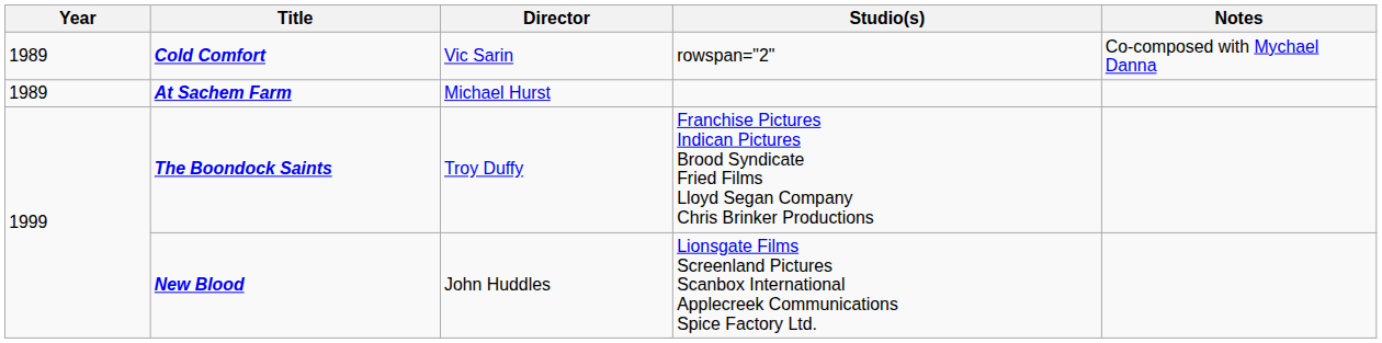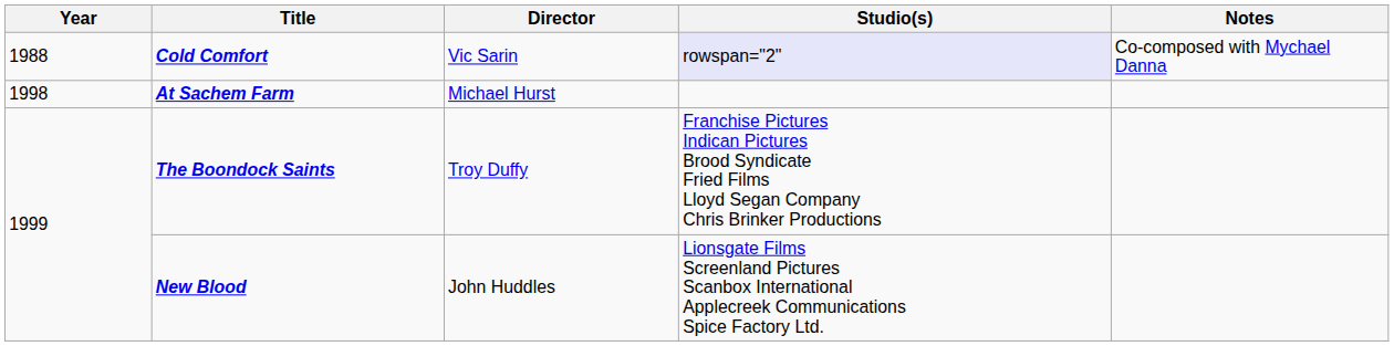 <table class="wikitable sortable" style="width:100%;">
 <tr>
 <th width="25px">Year</th>
 <th width="50px">Title</th>
 <th width="50px">Director</th>
 <th width="50px">Studio(s)</th>
 <th width="25px">Notes</th>
 </tr>
 <tr>
-<td>1989</td>
+<td>1988</td>
 <td><a href='#'><strong><em>Cold Comfort</em></strong></a></td>
 <td><a href='#'>Vic Sarin</a></td>
-<td>rowspan="2" </td>
+<td style="background: lavender;">rowspan="2" </td>
 <td>Co-composed with <a href='#'>Mychael Danna</a></td>
 </tr>
 <tr>
-<td>1989</td>
+<td>1998</td>
 <td><strong><em><a href='#'>At Sachem Farm</a></em></strong></td>
 <td><a href='#'>Michael Hurst</a></td>
 <td></td>
 </tr>
 <tr>
 <td rowspan="2">1999</td>
 <td><strong><em><a href='#'>The Boondock Saints</a></em></strong></td>
 <td><a href='#'>Troy Duffy</a></td>
 <td><a href='#'>Franchise Pictures</a><br><a href='#'>Indican Pictures</a><br>Brood Syndicate<br>Fried Films<br>Lloyd Segan Company<br>Chris Brinker Productions</td>
 <td></td>
 </tr>
 <tr>
 <td><em><a href='#'><strong>New Blood</strong></a></em></td>
 <td>John Huddles</td>
 <td><a href='#'>Lionsgate Films</a><br>Screenland Pictures<br>Scanbox International<br>Applecreek Communications<br>Spice Factory Ltd.</td>
 <td></td>
 </tr>
 </table>
